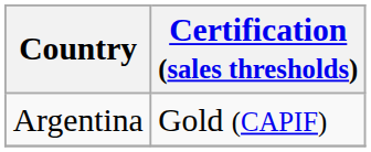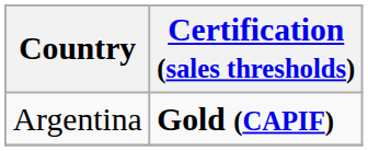 <table class="wikitable sortable">
 <tr>
 <th>Country</th>
 <th><a href='#'>Certification</a><br><small>(<a href='#'>sales thresholds</a>)</small></th>
 </tr>
 <tr>
 <td>Argentina</td>
-<td>Gold <small>(<a href='#'>CAPIF</a>)</small></td>
+<td><strong>Gold <small>(<a href='#'>CAPIF</a>)</small></strong></td>
 </tr>
 <tr>
 </tr>
 </table>
